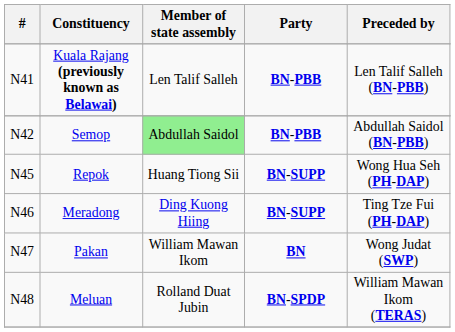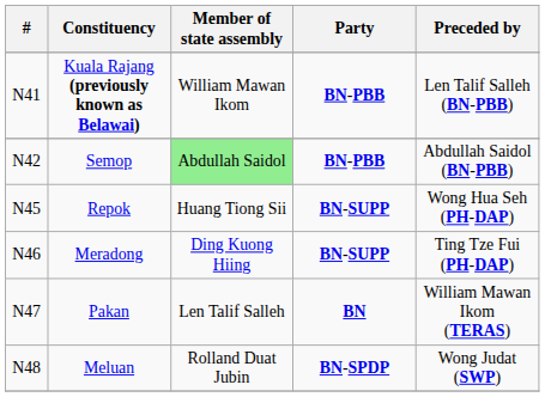 <table class="wikitable" style="text-align:center; font-size:90%">
 <tr>
 <th width="30">#</th>
 <th width="100">Constituency</th>
 <th width="100">Member of state assembly</th>
 <th width="100">Party</th>
 <th width="100">Preceded by</th>
 </tr>
 <tr>
 </tr>
 <tr align="center">
 <td rowspan="1">N41</td>
 <td rowspan="1"><a href='#'>Kuala Rajang</a> <strong>(previously known as <a href='#'>Belawai</a>)</strong></td>
-<td rowspan="1">Len Talif Salleh</td>
+<td rowspan="1">William Mawan Ikom</td>
 <td rowspan="1"><strong><a href='#'>BN</a></strong>-<strong><a href='#'>PBB</a></strong></td>
 <td rowspan="1">Len Talif Salleh <br>(<strong><a href='#'>BN</a></strong>-<strong><a href='#'>PBB</a></strong>)</td>
 </tr>
 <tr>
 </tr>
 <tr align="center">
 <td rowspan="1">N42</td>
 <td rowspan="1"><a href='#'>Semop</a></td>
 <td rowspan="1" style="background: lightgreen;">Abdullah Saidol</td>
 <td><strong><a href='#'>BN</a></strong>-<strong><a href='#'>PBB</a></strong></td>
 <td>Abdullah Saidol <br>(<strong><a href='#'>BN</a></strong>-<strong><a href='#'>PBB</a></strong>)</td>
 </tr>
 <tr align="center">
 <td rowspan="1">N45</td>
 <td rowspan="1"><a href='#'>Repok</a></td>
 <td rowspan="1">Huang Tiong Sii</td>
 <td rowspan="1"><strong><a href='#'>BN</a></strong>-<strong><a href='#'>SUPP</a></strong></td>
 <td rowspan="1">Wong Hua Seh<br>(<strong><a href='#'>PH</a></strong>-<strong><a href='#'>DAP</a></strong>)</td>
 </tr>
 <tr align="center">
 <td rowspan="1">N46</td>
 <td rowspan="1"><a href='#'>Meradong</a></td>
 <td rowspan="1"><a href='#'>Ding Kuong Hiing</a></td>
 <td><strong><a href='#'>BN</a></strong>-<strong><a href='#'>SUPP</a></strong></td>
 <td>Ting Tze Fui<br>(<strong><a href='#'>PH</a></strong>-<strong><a href='#'>DAP</a></strong>)</td>
 </tr>
 <tr align="center">
 <td rowspan="1">N47</td>
 <td rowspan="1"><a href='#'>Pakan</a></td>
-<td rowspan="1">William Mawan Ikom</td>
+<td rowspan="1">Len Talif Salleh</td>
 <td rowspan="1"><strong><a href='#'>BN</a></strong></td>
-<td rowspan="1">Wong Judat <br>(<strong><a href='#'>SWP</a></strong>)</td>
+<td rowspan="1">William Mawan Ikom <br>(<strong><a href='#'>TERAS</a></strong>)</td>
 </tr>
 <tr align="center">
 <td rowspan="1">N48</td>
 <td rowspan="1"><a href='#'>Meluan</a></td>
 <td rowspan="1">Rolland Duat Jubin</td>
 <td rowspan="1"><strong><a href='#'>BN</a></strong>-<strong><a href='#'>SPDP</a></strong></td>
-<td rowspan="1">William Mawan Ikom <br>(<strong><a href='#'>TERAS</a></strong>)</td>
+<td rowspan="1">Wong Judat <br>(<strong><a href='#'>SWP</a></strong>)</td>
 </tr>
 <tr>
 </tr>
 </table>
